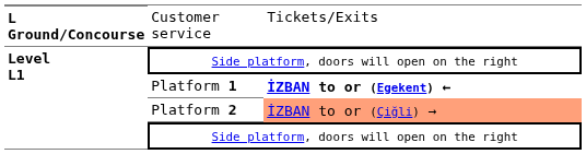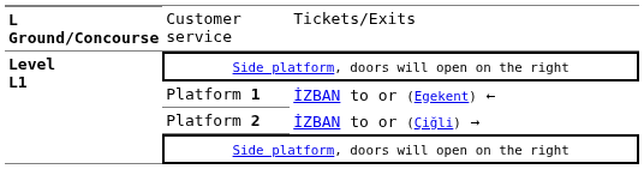 <table table border=0 cellspacing=0 cellpadding=3>
 <tr>
 <td style="border-bottom:solid 1px gray;border-top:solid 2px gray;" width=50 valign=top><strong>L<br>Ground/Concourse</strong></td>
 <td style="border-top:solid 1px gray;border-bottom:solid 1px gray;" width=100 valign=top>Customer service</td>
 <td style="border-top:solid 1px gray;border-bottom:solid 1px gray;" width=285 valign=top>Tickets/Exits</td>
 </tr>
 <tr>
 <td style="border-bottom:solid 1px gray;" rowspan=4 valign=top><strong>Level<br>L1</strong></td>
 <td style="border-top:solid 2px black;border-right:solid 2px black;border-left:solid 2px black;border-bottom:solid 2px black;text-align:center;" colspan=2><small><a href='#'>Side platform</a>, doors will open on the right</small></td>
 </tr>
 <tr>
 <td style="border-bottom:solid 1px gray;">Platform <strong>1</strong></td>
-<td><strong><a href='#'>İZBAN</a> to  or  <small>(<a href='#'>Egekent</a>)</small> ←</strong></td>
+<td><a href='#'>İZBAN</a> to  or  <small>(<a href='#'>Egekent</a>)</small> ←</td>
 </tr>
 <tr>
 <td style="border-bottom:solid 1px gray;">Platform <strong>2</strong></td>
-<td style="background: lightsalmon;"><a href='#'>İZBAN</a> to  or  <small>(<a href='#'>Çiğli</a>)</small> →</td>
+<td><a href='#'>İZBAN</a> to  or  <small>(<a href='#'>Çiğli</a>)</small> →</td>
 </tr>
 <tr>
 <td style="border-top:solid 2px black;border-left:solid 2px black;border-right:solid 2px black;border-bottom:solid 2px black;text-align:center;" colspan=2><small><a href='#'>Side platform</a>, doors will open on the right</small></td>
 </tr>
 </table>
